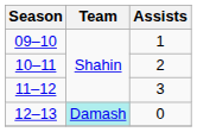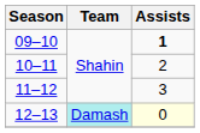 <table class="wikitable" style="text-align: center;">
 <tr>
 <th>Season</th>
 <th>Team</th>
 <th>Assists</th>
 </tr>
 <tr>
 <td><a href='#'>09–10</a></td>
 <td rowspan="3"><a href='#'>Shahin</a></td>
-<td>1</td>
+<td><strong>1</strong></td>
 </tr>
 <tr>
 <td><a href='#'>10–11</a></td>
 <td>2</td>
 </tr>
 <tr>
 <td><a href='#'>11–12</a></td>
 <td>3</td>
 </tr>
 <tr>
 <td><a href='#'>12–13</a></td>
 <td style="background: paleturquoise;"><a href='#'>Damash</a></td>
-<td>0</td>
+<td style="background: lightyellow;">0</td>
 </tr>
 <tr>
 </tr>
 </table>
